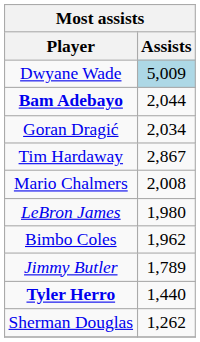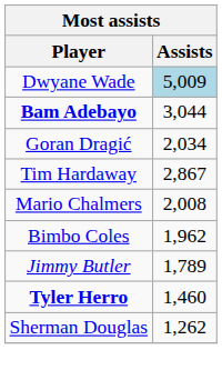 <table class="wikitable sortable" style="text-align:center;">
 <tr>
 <th colspan="2">Most assists</th>
 </tr>
 <tr>
 <th>Player</th>
 <th>Assists</th>
 </tr>
 <tr>
 <td><a href='#'>Dwyane Wade</a></td>
 <td style="background: lightblue;">5,009</td>
 </tr>
 <tr>
 <td><strong><a href='#'>Bam Adebayo</a></strong></td>
-<td>2,044</td>
+<td>3,044</td>
 </tr>
 <tr>
 <td><a href='#'>Goran Dragić</a></td>
 <td>2,034</td>
 </tr>
 <tr>
 <td><a href='#'>Tim Hardaway</a></td>
 <td>2,867</td>
 </tr>
 <tr>
 <td><a href='#'>Mario Chalmers</a></td>
 <td>2,008</td>
 </tr>
 <tr>
-<td><em><a href='#'>LeBron James</a></em></td>
-<td>1,980</td>
-</tr>
-<tr>
 <td><a href='#'>Bimbo Coles</a></td>
 <td>1,962</td>
 </tr>
 <tr>
 <td><em><a href='#'>Jimmy Butler</a></em></td>
 <td>1,789</td>
 </tr>
 <tr>
 <td><strong><a href='#'>Tyler Herro</a></strong></td>
-<td>1,440</td>
+<td>1,460</td>
 </tr>
 <tr>
 <td><a href='#'>Sherman Douglas</a></td>
 <td>1,262</td>
 </tr>
 <tr>
 </tr>
 </table>
